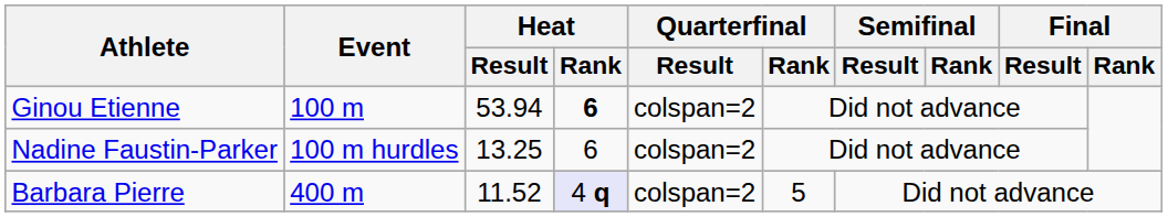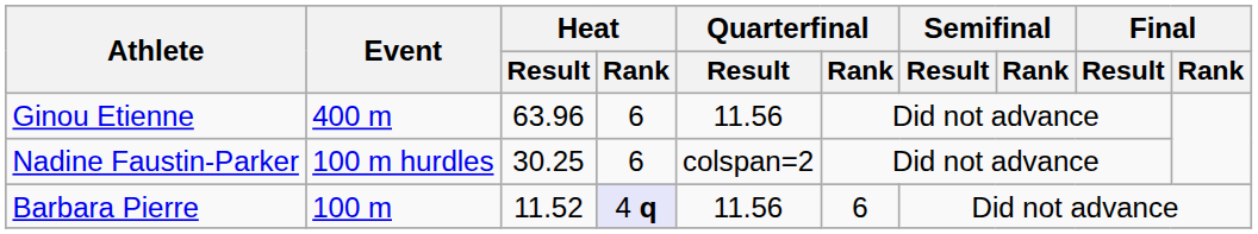 <table class=wikitable style="font-size:90%">
 <tr>
 <th rowspan="2">Athlete</th>
 <th rowspan="2">Event</th>
 <th colspan="2">Heat</th>
 <th colspan="2">Quarterfinal</th>
 <th colspan="2">Semifinal</th>
 <th colspan="2">Final</th>
 </tr>
 <tr style="font-size:95%">
 <th>Result</th>
 <th>Rank</th>
 <th>Result</th>
 <th>Rank</th>
 <th>Result</th>
 <th>Rank</th>
 <th>Result</th>
 <th>Rank</th>
 </tr>
 <tr align=center>
 <td align=left><a href='#'>Ginou Etienne</a></td>
-<td align=left><a href='#'>100 m</a></td>
-<td>53.94</td>
-<td><strong>6</strong></td>
-<td>colspan=2 </td>
+<td align=left><a href='#'>400 m</a></td>
+<td>63.96</td>
+<td>6</td>
+<td>11.56</td>
 <td colspan=4>Did not advance</td>
 </tr>
 <tr align=center>
 <td align=left><a href='#'>Nadine Faustin-Parker</a></td>
 <td align=left><a href='#'>100 m hurdles</a></td>
-<td>13.25</td>
+<td>30.25</td>
 <td>6</td>
 <td>colspan=2 </td>
 <td colspan=4>Did not advance</td>
 </tr>
 <tr align=center>
 <td align=left><a href='#'>Barbara Pierre</a></td>
-<td align=left><a href='#'>400 m</a></td>
+<td align=left><a href='#'>100 m</a></td>
 <td>11.52</td>
 <td style="background: lavender;">4 <strong>q</strong></td>
-<td>colspan=2 </td>
-<td>5</td>
+<td>11.56</td>
+<td>6</td>
 <td colspan=4>Did not advance</td>
 </tr>
 </table>
